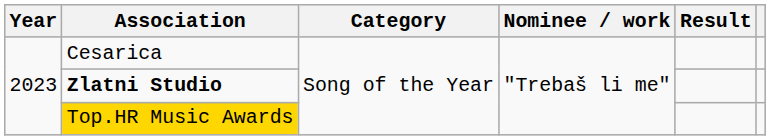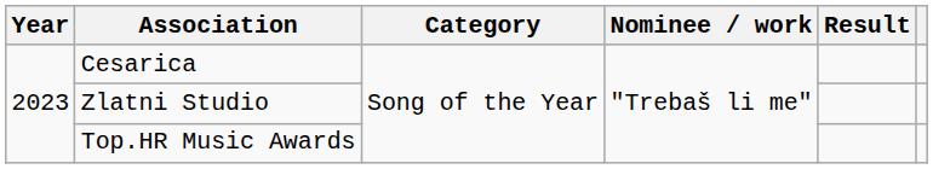 <table class="wikitable sortable">
 <tr>
 <th>Year</th>
 <th>Association</th>
 <th>Category</th>
 <th>Nominee / work</th>
 <th>Result</th>
 <th class="unsortable"></th>
 </tr>
 <tr>
 <td rowspan="3">2023</td>
 <td rowspan="1">Cesarica</td>
 <td rowspan="3">Song of the Year</td>
 <td rowspan="3">"Trebaš li me"</td>
 <td></td>
 <td></td>
 </tr>
 <tr>
-<td><strong>Zlatni Studio</strong></td>
+<td>Zlatni Studio</td>
 <td></td>
 <td></td>
 </tr>
 <tr>
-<td style="background: gold;">Top.HR Music Awards</td>
+<td>Top.HR Music Awards</td>
 <td></td>
 <td></td>
 </tr>
 </table>
